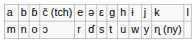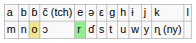 <table class="wikitable">
 <tr>
 <td>a</td>
 <td>b</td>
 <td>ɓ</td>
 <td>č (tch)</td>
 <td d>e</td>
 <td>ə</td>
 <td>ԑ</td>
 <td>g</td>
 <td>h</td>
 <td i>ɨ</td>
 <td>j</td>
 <td>k</td>
 <td>l</td>
 </tr>
 <tr>
 <td>m</td>
 <td>n</td>
-<td>o</td>
+<td style="background: khaki;">o</td>
 <td>ɔ</td>
-<td p>r</td>
+<td p style="background: lightgreen;">r</td>
 <td>ɗ</td>
 <td>s</td>
 <td>t</td>
 <td>u</td>
 <td ⱱ (vb)>w</td>
 <td>y</td>
 <td>ɳ (ny)</td>
 <td></td>
 </tr>
 </table>
